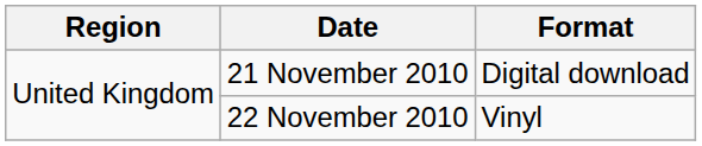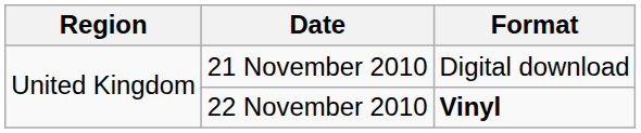 <table class=wikitable>
 <tr>
 <th>Region</th>
 <th>Date</th>
 <th>Format</th>
 </tr>
 <tr>
 <td align="center" rowspan="2">United Kingdom</td>
 <td>21 November 2010</td>
 <td>Digital download</td>
 </tr>
 <tr>
 <td>22 November 2010</td>
-<td>Vinyl</td>
+<td><strong>Vinyl</strong></td>
 </tr>
 </table>
